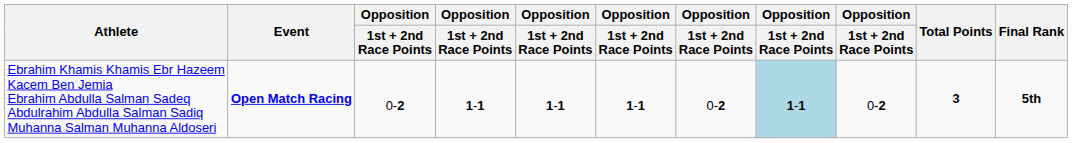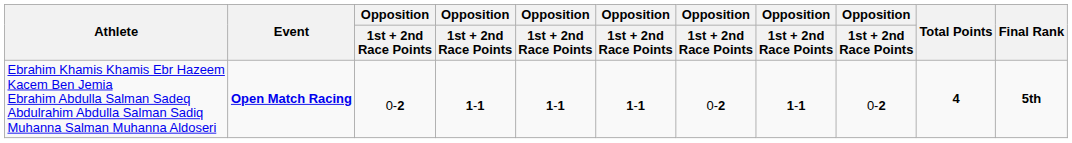 <table class="wikitable" border="1" style="font-size:90%">
 <tr>
 <th rowspan=2>Athlete</th>
 <th rowspan=2>Event</th>
 <th>Opposition</th>
 <th>Opposition</th>
 <th>Opposition</th>
 <th>Opposition</th>
 <th>Opposition</th>
 <th>Opposition</th>
 <th>Opposition</th>
 <th rowspan=2>Total Points</th>
 <th rowspan=2>Final Rank</th>
 </tr>
 <tr>
 <th>1st + 2nd<br>Race Points</th>
 <th>1st + 2nd<br>Race Points</th>
 <th>1st + 2nd<br>Race Points</th>
 <th>1st + 2nd<br>Race Points</th>
 <th>1st + 2nd<br>Race Points</th>
 <th>1st + 2nd<br>Race Points</th>
 <th>1st + 2nd<br>Race Points</th>
 </tr>
 <tr>
 <td align=left><a href='#'>Ebrahim Khamis Khamis Ebr Hazeem</a><br><a href='#'>Kacem Ben Jemia</a><br><a href='#'>Ebrahim Abdulla Salman Sadeq</a><br><a href='#'>Abdulrahim Abdulla Salman Sadiq</a><br><a href='#'>Muhanna Salman Muhanna Aldoseri</a></td>
 <td align=left><strong><a href='#'>Open Match Racing</a></strong></td>
 <td align=center><br>0-<strong>2</strong></td>
 <td align=center><br><strong>1</strong>-<strong>1</strong></td>
 <td align=center><br><strong>1</strong>-<strong>1</strong></td>
 <td align=center><br><strong>1</strong>-<strong>1</strong></td>
 <td align=center><br>0-<strong>2</strong></td>
-<td align=center style="background: lightblue;"><br><strong>1</strong>-<strong>1</strong></td>
+<td align=center><br><strong>1</strong>-<strong>1</strong></td>
 <td align=center><br>0-<strong>2</strong></td>
-<td align=center><strong>3</strong></td>
+<td align=center><strong>4</strong></td>
 <td align=center><strong>5th</strong></td>
 </tr>
 </table>
